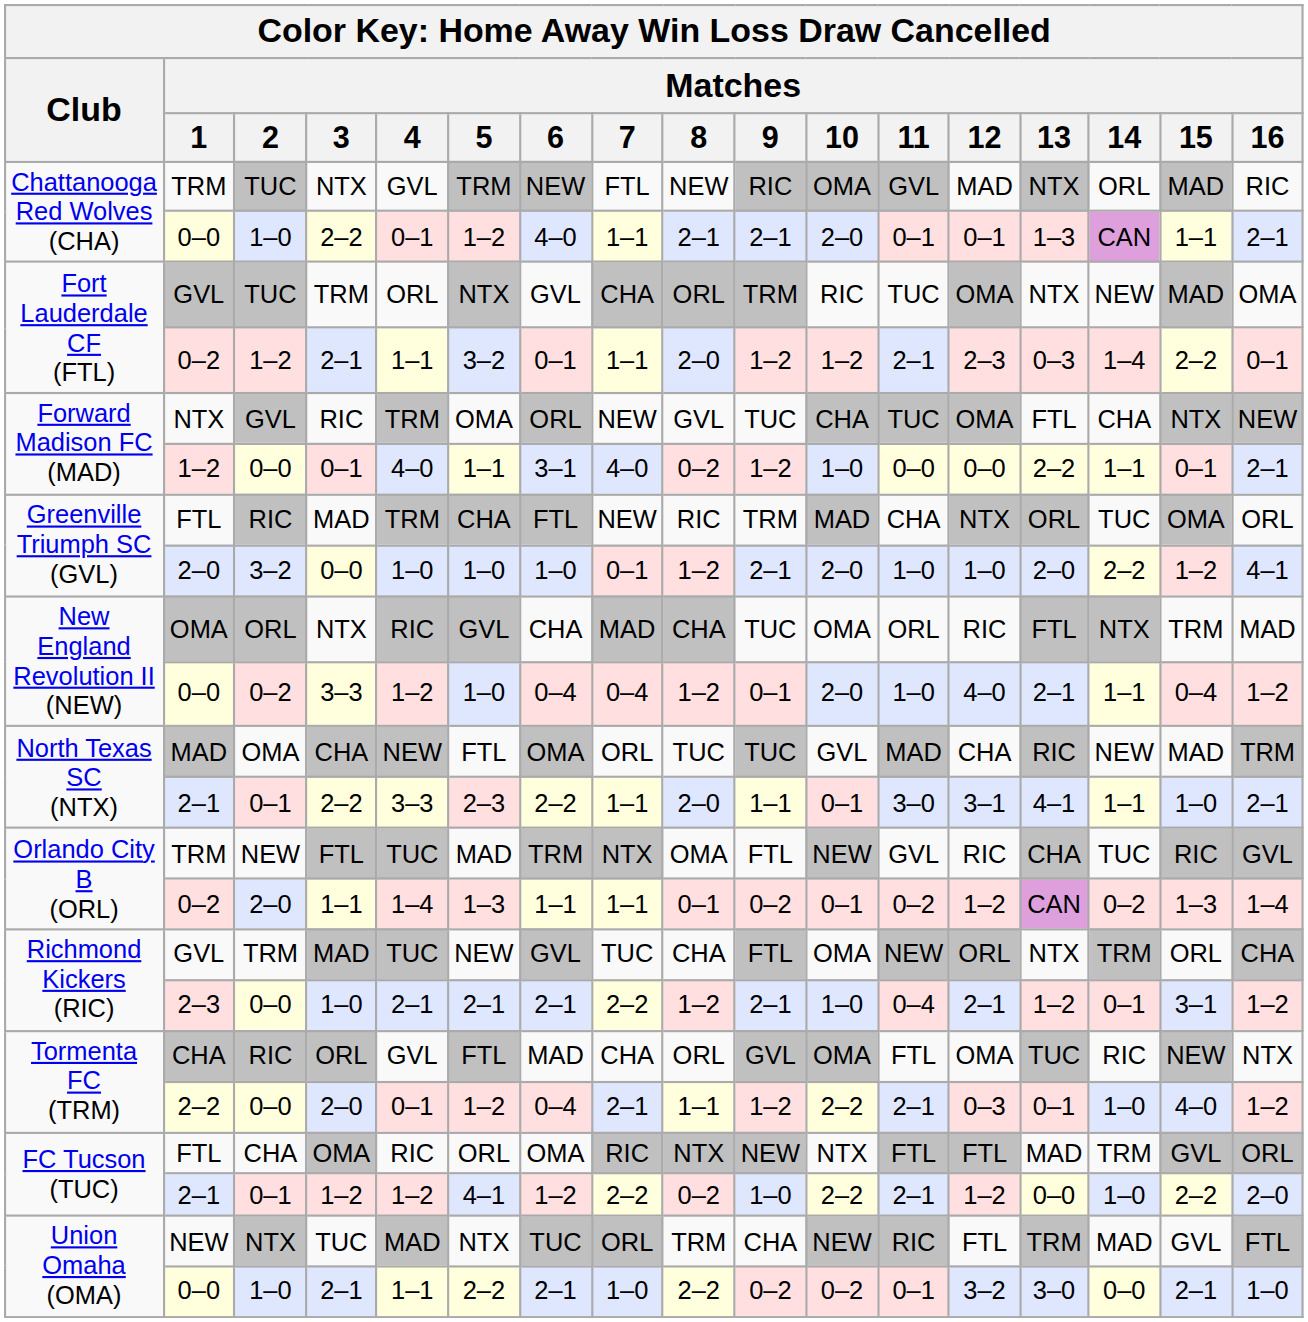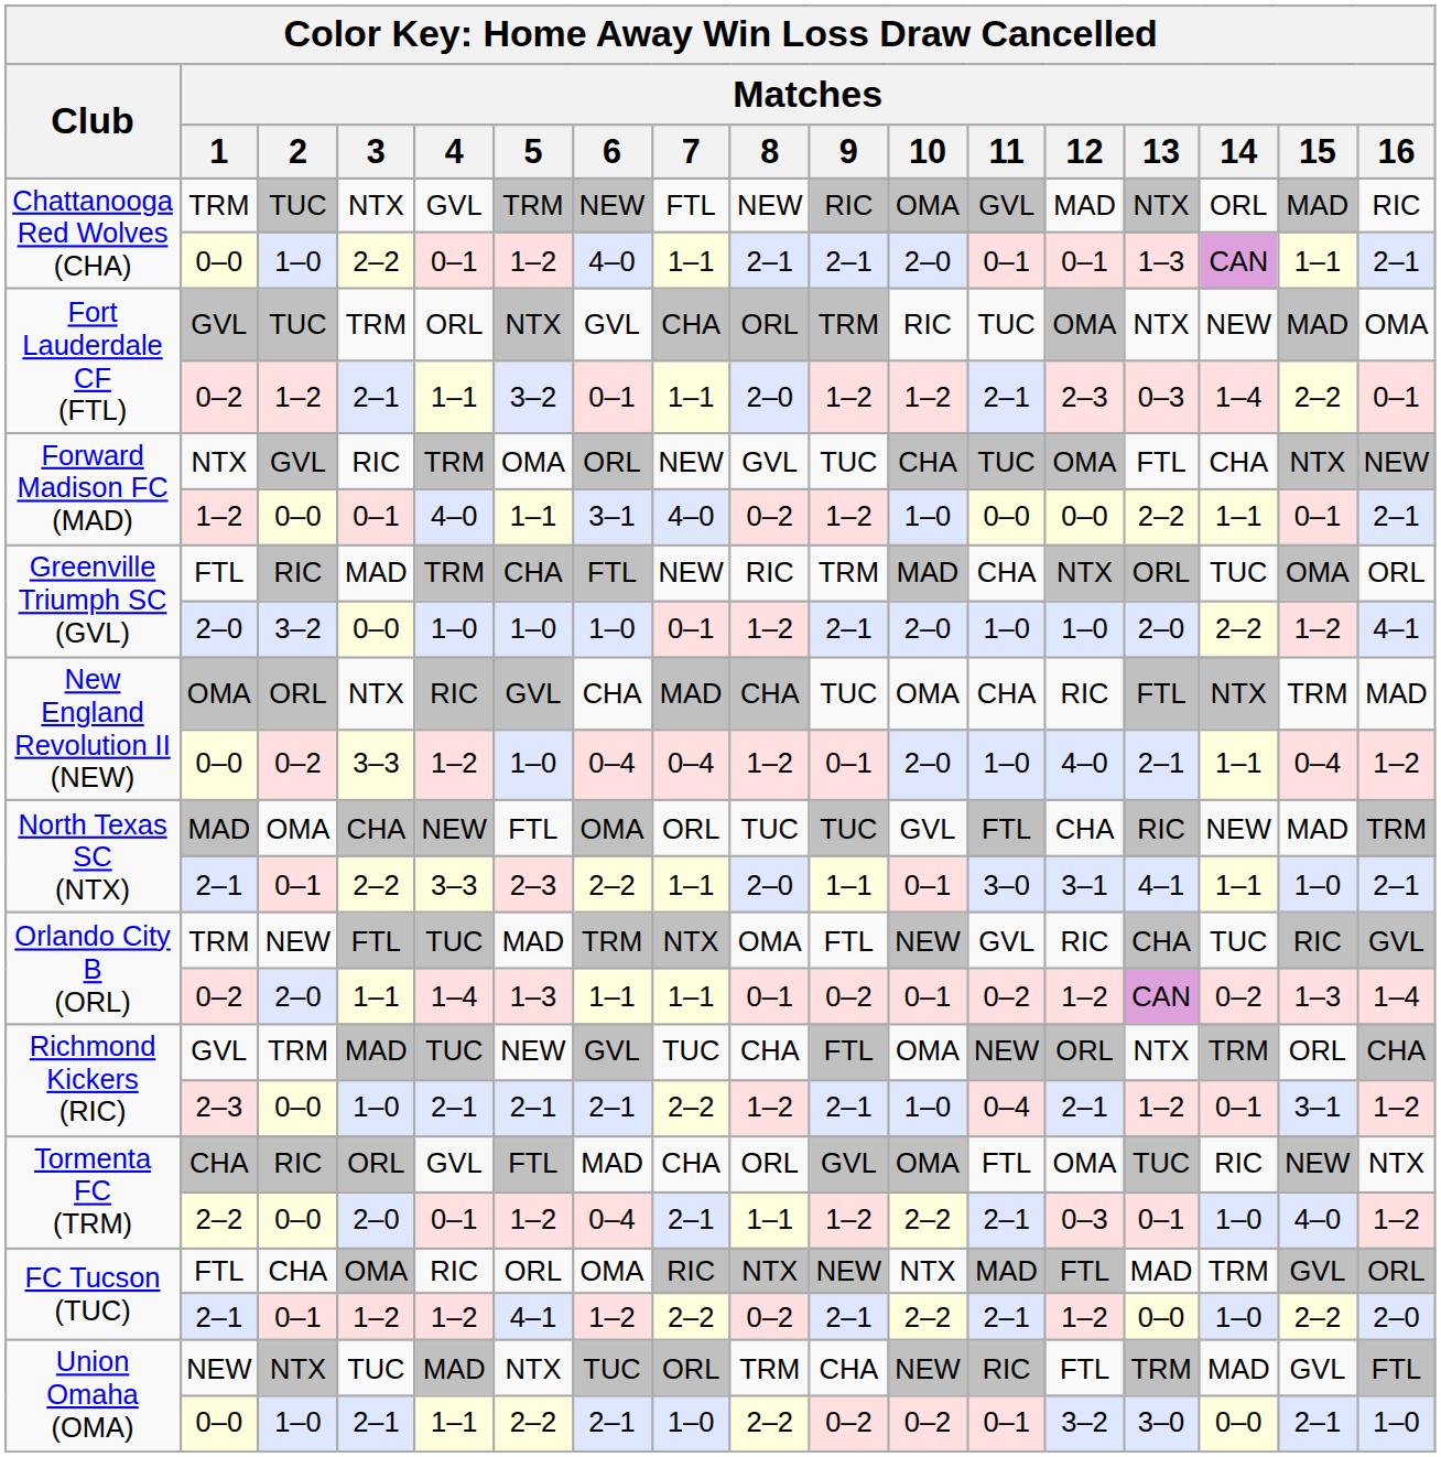 <table class="wikitable" style="text-align:center;width=100%">
 <tr>
 <th colspan="17">Color Key: <span>Home</span>  <span>Away</span>   <span>Win</span>  <span>Loss</span>  <span>Draw</span>  <span>Cancelled</span></th>
 </tr>
 <tr>
 <th width="10%" rowspan="2">Club</th>
 <th width="90%" colspan="16">Matches</th>
 </tr>
 <tr style="background-color:#CCCCCC; font-size: 90%">
 <th width="3.00%">1</th>
 <th width="3.00%">2</th>
 <th width="3.00%">3</th>
 <th width="3.00%">4</th>
 <th width="3.00%">5</th>
 <th width="3.00%">6</th>
 <th width="3.00%">7</th>
 <th width="3.00%">8</th>
 <th width="3.00%">9</th>
 <th width="3.00%">10</th>
 <th width="3.00%">11</th>
 <th width="3.00%">12</th>
 <th width="3.00%">13</th>
 <th width="3.00%">14</th>
 <th width="3.00%">15</th>
 <th width="3.00%">16<br></th>
 </tr>
 <tr style="font-size: 75%">
 <td rowspan="2"><a href='#'>Chattanooga Red Wolves</a><br>(CHA)</td>
 <td>TRM</td>
 <td bgcolor=#C0C0C0>TUC</td>
 <td>NTX</td>
 <td>GVL</td>
 <td bgcolor=#C0C0C0>TRM</td>
 <td bgcolor=#C0C0C0>NEW</td>
 <td>FTL</td>
 <td>NEW</td>
 <td bgcolor=#C0C0C0>RIC</td>
 <td bgcolor=#C0C0C0>OMA</td>
 <td bgcolor=#C0C0C0>GVL</td>
 <td>MAD</td>
 <td bgcolor=#C0C0C0>NTX</td>
 <td>ORL</td>
 <td bgcolor=#C0C0C0>MAD</td>
 <td>RIC</td>
 </tr>
 <tr style="font-size: 75%">
 <td bgcolor=#FFFFDD>0–0</td>
 <td bgcolor=#DFE7FF>1–0</td>
 <td bgcolor=#FFFFDD>2–2</td>
 <td bgcolor=#FFDFDF>0–1</td>
 <td bgcolor=#FFDFDF>1–2</td>
 <td bgcolor=#DFE7FF>4–0</td>
 <td bgcolor=#FFFFDD>1–1</td>
 <td bgcolor=#DFE7FF>2–1</td>
 <td bgcolor=#DFE7FF>2–1</td>
 <td bgcolor=#DFE7FF>2–0</td>
 <td bgcolor=#FFDFDF>0–1</td>
 <td bgcolor=#FFDFDF>0–1</td>
 <td bgcolor=#FFDFDF>1–3</td>
 <td bgcolor=#DDA0DD>CAN</td>
 <td bgcolor=#FFFFDD>1–1</td>
 <td bgcolor=#DFE7FF>2–1</td>
 </tr>
 <tr style="font-size: 75%">
 <td rowspan="2"><a href='#'>Fort Lauderdale CF</a><br>(FTL)</td>
 <td bgcolor=#C0C0C0>GVL</td>
 <td bgcolor=#C0C0C0>TUC</td>
 <td>TRM</td>
 <td>ORL</td>
 <td bgcolor=#C0C0C0>NTX</td>
 <td>GVL</td>
 <td bgcolor=#C0C0C0>CHA</td>
 <td bgcolor=#C0C0C0>ORL</td>
 <td bgcolor=#C0C0C0>TRM</td>
 <td>RIC</td>
 <td>TUC</td>
 <td bgcolor=#C0C0C0>OMA</td>
 <td>NTX</td>
 <td>NEW</td>
 <td bgcolor=#C0C0C0>MAD</td>
 <td>OMA</td>
 </tr>
 <tr style="font-size: 75%">
 <td bgcolor=#FFDFDF>0–2</td>
 <td bgcolor=#FFDFDF>1–2</td>
 <td bgcolor=#DFE7FF>2–1</td>
 <td bgcolor=#FFFFDD>1–1</td>
 <td bgcolor=#DFE7FF>3–2</td>
 <td bgcolor=#FFDFDF>0–1</td>
 <td bgcolor=#FFFFDD>1–1</td>
 <td bgcolor=#DFE7FF>2–0</td>
 <td bgcolor=#FFDFDF>1–2</td>
 <td bgcolor=#FFDFDF>1–2</td>
 <td bgcolor=#DFE7FF>2–1</td>
 <td bgcolor=#FFDFDF>2–3</td>
 <td bgcolor=#FFDFDF>0–3</td>
 <td bgcolor=#FFDFDF>1–4</td>
 <td bgcolor=#FFFFDD>2–2</td>
 <td bgcolor=#FFDFDF>0–1</td>
 </tr>
 <tr style="font-size: 75%">
 <td rowspan="2"><a href='#'>Forward Madison FC</a><br>(MAD)</td>
 <td>NTX</td>
 <td bgcolor=#C0C0C0>GVL</td>
 <td>RIC</td>
 <td bgcolor=#C0C0C0>TRM</td>
 <td>OMA</td>
 <td bgcolor=#C0C0C0>ORL</td>
 <td>NEW</td>
 <td>GVL</td>
 <td>TUC</td>
 <td bgcolor=#C0C0C0>CHA</td>
 <td bgcolor=#C0C0C0>TUC</td>
 <td bgcolor=#C0C0C0>OMA</td>
 <td>FTL</td>
 <td>CHA</td>
 <td bgcolor=#C0C0C0>NTX</td>
 <td bgcolor=#C0C0C0>NEW</td>
 </tr>
 <tr style="font-size: 75%">
 <td bgcolor=#FFDFDF>1–2</td>
 <td bgcolor=#FFFFDD>0–0</td>
 <td bgcolor=#FFDFDF>0–1</td>
 <td bgcolor=#DFE7FF>4–0</td>
 <td bgcolor=#FFFFDD>1–1</td>
 <td bgcolor=#DFE7FF>3–1</td>
 <td bgcolor=#DFE7FF>4–0</td>
 <td bgcolor=#FFDFDF>0–2</td>
 <td bgcolor=#FFDFDF>1–2</td>
 <td bgcolor=#DFE7FF>1–0</td>
 <td bgcolor=#FFFFDD>0–0</td>
 <td bgcolor=#FFFFDD>0–0</td>
 <td bgcolor=#FFFFDD>2–2</td>
 <td bgcolor=#FFFFDD>1–1</td>
 <td bgcolor=#FFDFDF>0–1</td>
 <td bgcolor=#DFE7FF>2–1</td>
 </tr>
 <tr style="font-size: 75%">
 <td rowspan="2"><a href='#'>Greenville Triumph SC</a><br>(GVL)</td>
 <td>FTL</td>
 <td bgcolor=#C0C0C0>RIC</td>
 <td>MAD</td>
 <td bgcolor=#C0C0C0>TRM</td>
 <td bgcolor=#C0C0C0>CHA</td>
 <td bgcolor=#C0C0C0>FTL</td>
 <td>NEW</td>
 <td>RIC</td>
 <td>TRM</td>
 <td bgcolor=#C0C0C0>MAD</td>
 <td>CHA</td>
 <td bgcolor=#C0C0C0>NTX</td>
 <td bgcolor=#C0C0C0>ORL</td>
 <td>TUC</td>
 <td bgcolor=#C0C0C0>OMA</td>
 <td>ORL</td>
 </tr>
 <tr style="font-size: 75%">
 <td bgcolor=#DFE7FF>2–0</td>
 <td bgcolor=#DFE7FF>3–2</td>
 <td bgcolor=#FFFFDD>0–0</td>
 <td bgcolor=#DFE7FF>1–0</td>
 <td bgcolor=#DFE7FF>1–0</td>
 <td bgcolor=#DFE7FF>1–0</td>
 <td bgcolor=#FFDFDF>0–1</td>
 <td bgcolor=#FFDFDF>1–2</td>
 <td bgcolor=#DFE7FF>2–1</td>
 <td bgcolor=#DFE7FF>2–0</td>
 <td bgcolor=#DFE7FF>1–0</td>
 <td bgcolor=#DFE7FF>1–0</td>
 <td bgcolor=#DFE7FF>2–0</td>
 <td bgcolor=#FFFFDD>2–2</td>
 <td bgcolor=#FFDFDF>1–2</td>
 <td bgcolor=#DFE7FF>4–1</td>
 </tr>
 <tr style="font-size: 75%">
 <td rowspan="2"><a href='#'>New England Revolution II</a><br>(NEW)</td>
 <td bgcolor=#C0C0C0>OMA</td>
 <td bgcolor=#C0C0C0>ORL</td>
 <td>NTX</td>
 <td bgcolor=#C0C0C0>RIC</td>
 <td bgcolor=#C0C0C0>GVL</td>
 <td>CHA</td>
 <td bgcolor=#C0C0C0>MAD</td>
 <td bgcolor=#C0C0C0>CHA</td>
 <td>TUC</td>
 <td>OMA</td>
-<td>ORL</td>
+<td>CHA</td>
 <td>RIC</td>
 <td bgcolor=#C0C0C0>FTL</td>
 <td bgcolor=#C0C0C0>NTX</td>
 <td>TRM</td>
 <td>MAD</td>
 </tr>
 <tr style="font-size: 75%">
 <td bgcolor=#FFFFDD>0–0</td>
 <td bgcolor=#FFDFDF>0–2</td>
 <td bgcolor=#FFFFDD>3–3</td>
 <td bgcolor=#FFDFDF>1–2</td>
 <td bgcolor=#DFE7FF>1–0</td>
 <td bgcolor=#FFDFDF>0–4</td>
 <td bgcolor=#FFDFDF>0–4</td>
 <td bgcolor=#FFDFDF>1–2</td>
 <td bgcolor=#FFDFDF>0–1</td>
 <td bgcolor=#DFE7FF>2–0</td>
 <td bgcolor=#DFE7FF>1–0</td>
 <td bgcolor=#DFE7FF>4–0</td>
 <td bgcolor=#DFE7FF>2–1</td>
 <td bgcolor=#FFFFDD>1–1</td>
 <td bgcolor=#FFDFDF>0–4</td>
 <td bgcolor=#FFDFDF>1–2</td>
 </tr>
 <tr style="font-size: 75%">
 <td rowspan="2"><a href='#'>North Texas SC</a><br>(NTX)</td>
 <td bgcolor=#C0C0C0>MAD</td>
 <td>OMA</td>
 <td bgcolor=#C0C0C0>CHA</td>
 <td bgcolor=#C0C0C0>NEW</td>
 <td>FTL</td>
 <td bgcolor=#C0C0C0>OMA</td>
 <td>ORL</td>
 <td>TUC</td>
 <td bgcolor=#C0C0C0>TUC</td>
 <td>GVL</td>
-<td bgcolor=#C0C0C0>MAD</td>
+<td bgcolor=#C0C0C0>FTL</td>
 <td>CHA</td>
 <td bgcolor=#C0C0C0>RIC</td>
 <td>NEW</td>
 <td>MAD</td>
 <td bgcolor=#C0C0C0>TRM</td>
 </tr>
 <tr style="font-size: 75%">
 <td bgcolor=#DFE7FF>2–1</td>
 <td bgcolor=#FFDFDF>0–1</td>
 <td bgcolor=#FFFFDD>2–2</td>
 <td bgcolor=#FFFFDD>3–3</td>
 <td bgcolor=#FFDFDF>2–3</td>
 <td bgcolor=#FFFFDD>2–2</td>
 <td bgcolor=#FFFFDD>1–1</td>
 <td bgcolor=#DFE7FF>2–0</td>
 <td bgcolor=#FFFFDD>1–1</td>
 <td bgcolor=#FFDFDF>0–1</td>
 <td bgcolor=#DFE7FF>3–0</td>
 <td bgcolor=#DFE7FF>3–1</td>
 <td bgcolor=#DFE7FF>4–1</td>
 <td bgcolor=#FFFFDD>1–1</td>
 <td bgcolor=#DFE7FF>1–0</td>
 <td bgcolor=#DFE7FF>2–1</td>
 </tr>
 <tr style="font-size: 75%">
 <td rowspan="2"><a href='#'>Orlando City B</a><br>(ORL)</td>
 <td>TRM</td>
 <td>NEW</td>
 <td bgcolor=#C0C0C0>FTL</td>
 <td bgcolor=#C0C0C0>TUC</td>
 <td>MAD</td>
 <td bgcolor=#C0C0C0>TRM</td>
 <td bgcolor=#C0C0C0>NTX</td>
 <td>OMA</td>
 <td>FTL</td>
 <td bgcolor=#C0C0C0>NEW</td>
 <td>GVL</td>
 <td>RIC</td>
 <td bgcolor=#C0C0C0>CHA</td>
 <td>TUC</td>
 <td bgcolor=#C0C0C0>RIC</td>
 <td bgcolor=#C0C0C0>GVL</td>
 </tr>
 <tr style="font-size: 75%">
 <td bgcolor=#FFDFDF>0–2</td>
 <td bgcolor=#DFE7FF>2–0</td>
 <td bgcolor=#FFFFDD>1–1</td>
 <td bgcolor=#FFDFDF>1–4</td>
 <td bgcolor=#FFDFDF>1–3</td>
 <td bgcolor=#FFFFDD>1–1</td>
 <td bgcolor=#FFFFDD>1–1</td>
 <td bgcolor=#FFDFDF>0–1</td>
 <td bgcolor=#FFDFDF>0–2</td>
 <td bgcolor=#FFDFDF>0–1</td>
 <td bgcolor=#FFDFDF>0–2</td>
 <td bgcolor=#FFDFDF>1–2</td>
 <td bgcolor=DDA0DD>CAN</td>
 <td bgcolor=#FFDFDF>0–2</td>
 <td bgcolor=#FFDFDF>1–3</td>
 <td bgcolor=#FFDFDF>1–4</td>
 </tr>
 <tr style="font-size: 75%">
 <td rowspan="2"><a href='#'>Richmond Kickers</a><br>(RIC)</td>
 <td>GVL</td>
 <td>TRM</td>
 <td bgcolor=#C0C0C0>MAD</td>
 <td bgcolor=#C0C0C0>TUC</td>
 <td>NEW</td>
 <td bgcolor=#C0C0C0>GVL</td>
 <td>TUC</td>
 <td>CHA</td>
 <td bgcolor=#C0C0C0>FTL</td>
 <td>OMA</td>
 <td bgcolor=#C0C0C0>NEW</td>
 <td bgcolor=#C0C0C0>ORL</td>
 <td>NTX</td>
 <td bgcolor=#C0C0C0>TRM</td>
 <td>ORL</td>
 <td bgcolor=#C0C0C0>CHA</td>
 </tr>
 <tr style="font-size: 75%">
 <td bgcolor=#FFDFDF>2–3</td>
 <td bgcolor=#FFFFDD>0–0</td>
 <td bgcolor=#DFE7FF>1–0</td>
 <td bgcolor=#DFE7FF>2–1</td>
 <td bgcolor=#DFE7FF>2–1</td>
 <td bgcolor=#DFE7FF>2–1</td>
 <td bgcolor=#FFFFDD>2–2</td>
 <td bgcolor=#FFDFDF>1–2</td>
 <td bgcolor=#DFE7FF>2–1</td>
 <td bgcolor=#DFE7FF>1–0</td>
 <td bgcolor=#FFDFDF>0–4</td>
 <td bgcolor=#DFE7FF>2–1</td>
 <td bgcolor=#FFDFDF>1–2</td>
 <td bgcolor=#FFDFDF>0–1</td>
 <td bgcolor=#DFE7FF>3–1</td>
 <td bgcolor=#FFDFDF>1–2</td>
 </tr>
 <tr style="font-size: 75%">
 <td rowspan="2"><a href='#'>Tormenta FC</a><br>(TRM)</td>
 <td bgcolor=#C0C0C0>CHA</td>
 <td bgcolor=#C0C0C0>RIC</td>
 <td bgcolor=#C0C0C0>ORL</td>
 <td>GVL</td>
 <td bgcolor=#C0C0C0>FTL</td>
 <td>MAD</td>
 <td>CHA</td>
 <td>ORL</td>
 <td bgcolor=#C0C0C0>GVL</td>
 <td bgcolor=#C0C0C0>OMA</td>
 <td>FTL</td>
 <td>OMA</td>
 <td bgcolor=#C0C0C0>TUC</td>
 <td>RIC</td>
 <td bgcolor=#C0C0C0>NEW</td>
 <td>NTX</td>
 </tr>
 <tr style="font-size: 75%">
 <td bgcolor=#FFFFDD>2–2</td>
 <td bgcolor=#FFFFDD>0–0</td>
 <td bgcolor=#DFE7FF>2–0</td>
 <td bgcolor=#FFDFDF>0–1</td>
 <td bgcolor=#FFDFDF>1–2</td>
 <td bgcolor=#FFDFDF>0–4</td>
 <td bgcolor=#DFE7FF>2–1</td>
 <td bgcolor=#FFFFDD>1–1</td>
 <td bgcolor=#FFDFDF>1–2</td>
 <td bgcolor=#FFFFDD>2–2</td>
 <td bgcolor=#DFE7FF>2–1</td>
 <td bgcolor=#FFDFDF>0–3</td>
 <td bgcolor=#FFDFDF>0–1</td>
 <td bgcolor=#DFE7FF>1–0</td>
 <td bgcolor=#DFE7FF>4–0</td>
 <td bgcolor=#FFDFDF>1–2</td>
 </tr>
 <tr style="font-size: 75%">
 <td rowspan="2"><a href='#'>FC Tucson</a><br>(TUC)</td>
 <td>FTL</td>
 <td>CHA</td>
 <td bgcolor=#C0C0C0>OMA</td>
 <td>RIC</td>
 <td>ORL</td>
 <td>OMA</td>
 <td bgcolor=#C0C0C0>RIC</td>
 <td bgcolor=#C0C0C0>NTX</td>
 <td bgcolor=#C0C0C0>NEW</td>
 <td>NTX</td>
-<td bgcolor=#C0C0C0>FTL</td>
+<td bgcolor=#C0C0C0>MAD</td>
 <td bgcolor=#C0C0C0>FTL</td>
 <td>MAD</td>
 <td>TRM</td>
 <td bgcolor=#C0C0C0>GVL</td>
 <td bgcolor=#C0C0C0>ORL</td>
 </tr>
 <tr style="font-size: 75%">
 <td bgcolor=#DFE7FF>2–1</td>
 <td bgcolor=#FFDFDF>0–1</td>
 <td bgcolor=#FFDFDF>1–2</td>
 <td bgcolor=#FFDFDF>1–2</td>
 <td bgcolor=#DFE7FF>4–1</td>
 <td bgcolor=#FFDFDF>1–2</td>
 <td bgcolor=#FFFFDD>2–2</td>
 <td bgcolor=#FFDFDF>0–2</td>
-<td bgcolor=#DFE7FF>1–0</td>
+<td bgcolor=#DFE7FF>2–1</td>
 <td bgcolor=#FFFFDD>2–2</td>
 <td bgcolor=#DFE7FF>2–1</td>
 <td bgcolor=#FFDFDF>1–2</td>
 <td bgcolor=#FFFFDD>0–0</td>
 <td bgcolor=#DFE7FF>1–0</td>
 <td bgcolor=#FFFFDD>2–2</td>
 <td bgcolor=#DFE7FF>2–0</td>
 </tr>
 <tr style="font-size: 75%">
 <td rowspan="2"><a href='#'>Union Omaha</a><br>(OMA)</td>
 <td>NEW</td>
 <td bgcolor=#C0C0C0>NTX</td>
 <td>TUC</td>
 <td bgcolor=#C0C0C0>MAD</td>
 <td>NTX</td>
 <td bgcolor=#C0C0C0>TUC</td>
 <td bgcolor=#C0C0C0>ORL</td>
 <td>TRM</td>
 <td>CHA</td>
 <td bgcolor=#C0C0C0>NEW</td>
 <td bgcolor=#C0C0C0>RIC</td>
 <td>FTL</td>
 <td bgcolor=#C0C0C0>TRM</td>
 <td>MAD</td>
 <td>GVL</td>
 <td bgcolor=#C0C0C0>FTL</td>
 </tr>
 <tr style="font-size: 75%">
 <td bgcolor=#FFFFDD>0–0</td>
 <td bgcolor=#DFE7FF>1–0</td>
 <td bgcolor=#DFE7FF>2–1</td>
 <td bgcolor=#FFFFDD>1–1</td>
 <td bgcolor=#FFFFDD>2–2</td>
 <td bgcolor=#DFE7FF>2–1</td>
 <td bgcolor=#DFE7FF>1–0</td>
 <td bgcolor=#FFFFDD>2–2</td>
 <td bgcolor=#FFDFDF>0–2</td>
 <td bgcolor=#FFDFDF>0–2</td>
 <td bgcolor=#FFDFDF>0–1</td>
 <td bgcolor=#DFE7FF>3–2</td>
 <td bgcolor=#DFE7FF>3–0</td>
 <td bgcolor=#FFFFDD>0–0</td>
 <td bgcolor=#DFE7FF>2–1</td>
 <td bgcolor=#DFE7FF>1–0</td>
 </tr>
 <tr style="font-size: 75%">
 </tr>
 </table>
